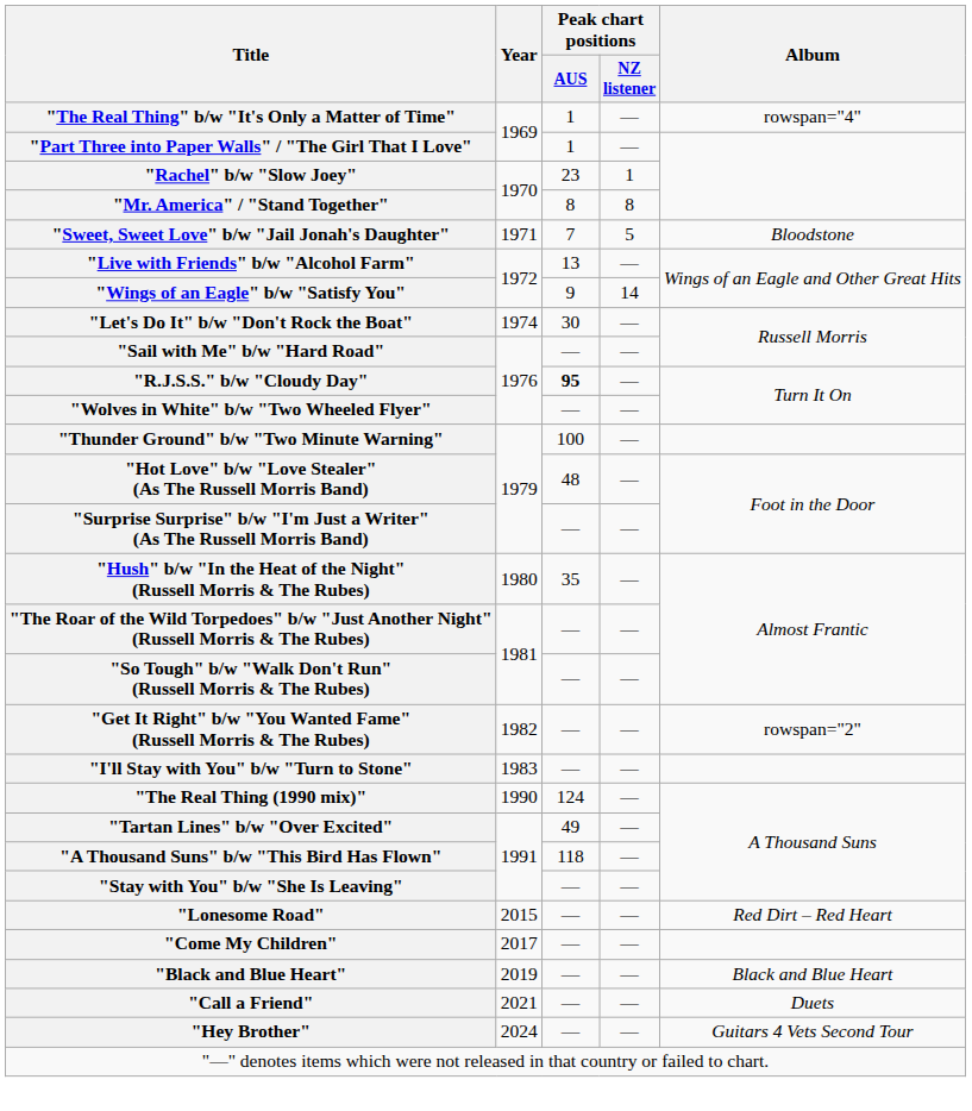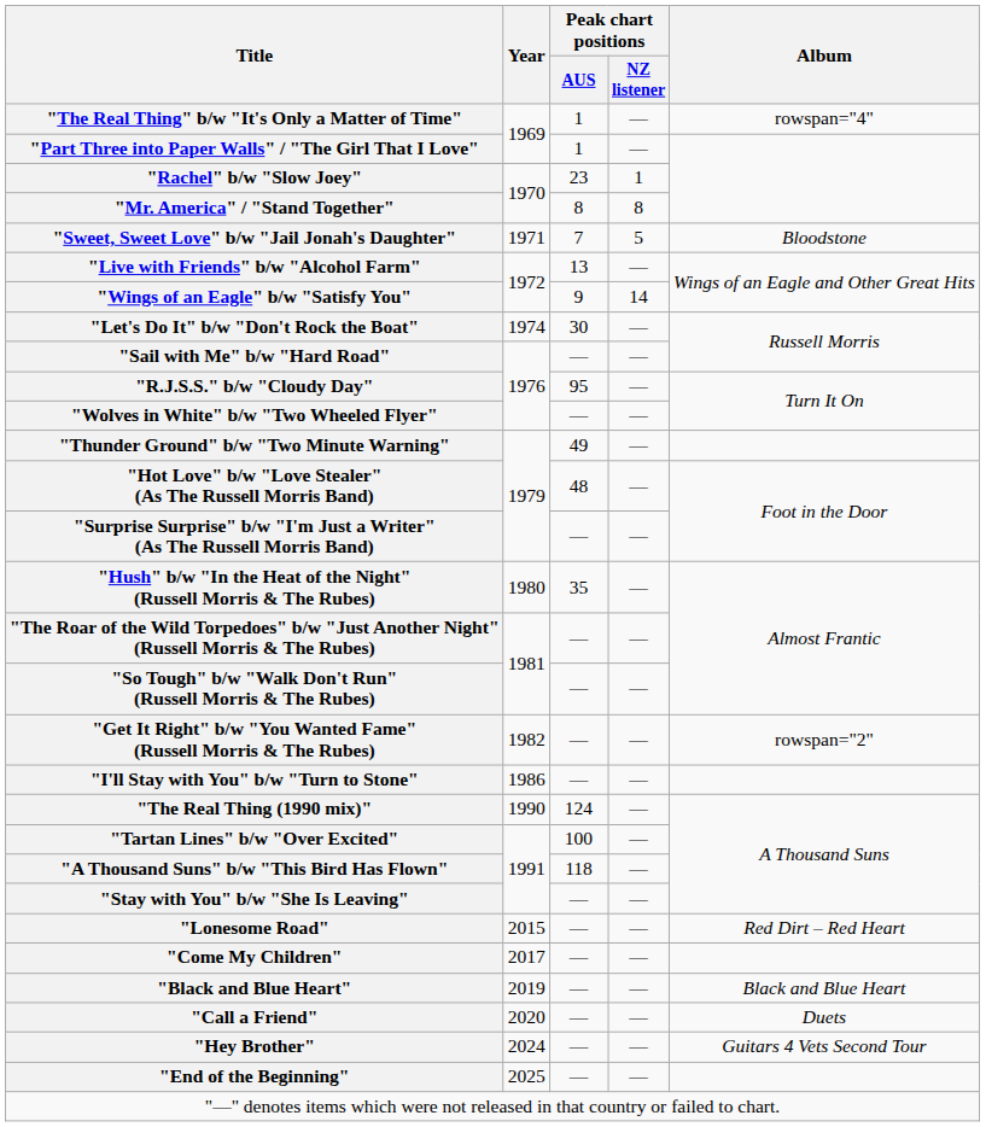 <table class="wikitable plainrowheaders" style="text-align:center;">
 <tr>
 <th rowspan="2">Title</th>
 <th rowspan="2">Year</th>
 <th colspan="2">Peak chart positions</th>
 <th rowspan="2">Album</th>
 </tr>
 <tr>
 <th scope="col" style="width:3em;font-size:90%;"><a href='#'>AUS</a><br></th>
 <th scope="col" style="width:3em;font-size:90%;"><a href='#'>NZ<br>listener</a><br></th>
 </tr>
 <tr>
 <th scope="row">"<a href='#'>The Real Thing</a>" b/w "It's Only a Matter of Time"</th>
 <td rowspan="2">1969</td>
 <td align="center">1</td>
 <td align="center">—</td>
 <td>rowspan="4" </td>
 </tr>
 <tr>
 <th scope="row">"<a href='#'>Part Three into Paper Walls</a>" / "The Girl That I Love"</th>
 <td align="center">1</td>
 <td align="center">—</td>
 </tr>
 <tr>
 <th scope="row">"<a href='#'>Rachel</a>" b/w "Slow Joey"</th>
 <td rowspan="2">1970</td>
 <td align="center">23</td>
 <td align="center">1</td>
 </tr>
 <tr>
 <th scope="row">"<a href='#'>Mr. America</a>" / "Stand Together"</th>
 <td align="center">8</td>
 <td align="center">8</td>
 </tr>
 <tr>
 <th scope="row">"<a href='#'>Sweet, Sweet Love</a>" b/w "Jail Jonah's Daughter"</th>
 <td>1971</td>
 <td align="center">7</td>
 <td align="center">5</td>
 <td><em>Bloodstone</em></td>
 </tr>
 <tr>
 <th scope="row">"<a href='#'>Live with Friends</a>" b/w "Alcohol Farm"</th>
 <td rowspan="2">1972</td>
 <td align="center">13</td>
 <td align="center">—</td>
 <td rowspan="2"><em>Wings of an Eagle and Other Great Hits</em></td>
 </tr>
 <tr>
 <th scope="row">"<a href='#'>Wings of an Eagle</a>" b/w "Satisfy You"</th>
 <td align="center">9</td>
 <td align="center">14</td>
 </tr>
 <tr>
 <th scope="row">"Let's Do It" b/w "Don't Rock the Boat"</th>
 <td>1974</td>
 <td align="center">30</td>
 <td align="center">—</td>
 <td rowspan="2"><em>Russell Morris</em></td>
 </tr>
 <tr>
 <th scope="row">"Sail with Me" b/w "Hard Road"</th>
 <td rowspan="3">1976</td>
 <td align="center">—</td>
 <td align="center">—</td>
 </tr>
 <tr>
 <th scope="row">"R.J.S.S." b/w "Cloudy Day"</th>
-<td align="center"><strong>95</strong></td>
+<td align="center">95</td>
 <td align="center">—</td>
 <td rowspan="2"><em>Turn It On</em></td>
 </tr>
 <tr>
 <th scope="row">"Wolves in White" b/w "Two Wheeled Flyer"</th>
 <td align="center">—</td>
 <td align="center">—</td>
 </tr>
 <tr>
 <th scope="row">"Thunder Ground" b/w "Two Minute Warning"</th>
 <td rowspan="3">1979</td>
-<td align="center">100</td>
+<td align="center">49</td>
 <td align="center">—</td>
 <td></td>
 </tr>
 <tr>
 <th scope="row">"Hot Love" b/w "Love Stealer" <br>(As The Russell Morris Band)</th>
 <td align="center">48</td>
 <td align="center">—</td>
 <td rowspan="2"><em>Foot in the Door</em></td>
 </tr>
 <tr>
 <th scope="row">"Surprise Surprise" b/w "I'm Just a Writer" <br>(As The Russell Morris Band)</th>
 <td align="center">—</td>
 <td align="center">—</td>
 </tr>
 <tr>
 <th scope="row">"<a href='#'>Hush</a>" b/w "In the Heat of the Night" <br>(Russell Morris & The Rubes)</th>
 <td>1980</td>
 <td align="center">35</td>
 <td align="center">—</td>
 <td rowspan="3"><em>Almost Frantic</em></td>
 </tr>
 <tr>
 <th scope="row">"The Roar of the Wild Torpedoes" b/w "Just Another Night"<br>(Russell Morris & The Rubes)</th>
 <td rowspan="2">1981</td>
 <td align="center">—</td>
 <td align="center">—</td>
 </tr>
 <tr>
 <th scope="row">"So Tough" b/w "Walk Don't Run"<br>(Russell Morris & The Rubes)</th>
 <td align="center">—</td>
 <td align="center">—</td>
 </tr>
 <tr>
 <th scope="row">"Get It Right" b/w "You Wanted Fame"<br>(Russell Morris & The Rubes)</th>
 <td>1982</td>
 <td align="center">—</td>
 <td align="center">—</td>
 <td>rowspan="2" </td>
 </tr>
 <tr>
 <th scope="row">"I'll Stay with You" b/w "Turn to Stone"</th>
-<td>1983</td>
+<td>1986</td>
 <td align="center">—</td>
 <td align="center">—</td>
 </tr>
 <tr>
 <th scope="row">"The Real Thing (1990 mix)"</th>
 <td>1990</td>
 <td align="center">124</td>
 <td align="center">—</td>
 <td rowspan="4"><em>A Thousand Suns</em></td>
 </tr>
 <tr>
 <th scope="row">"Tartan Lines" b/w "Over Excited"</th>
 <td rowspan="3">1991</td>
-<td align="center">49</td>
+<td align="center">100</td>
 <td align="center">—</td>
 </tr>
 <tr>
 <th scope="row">"A Thousand Suns" b/w "This Bird Has Flown"</th>
 <td align="center">118</td>
 <td align="center">—</td>
 </tr>
 <tr>
 <th scope="row">"Stay with You" b/w "She Is Leaving"</th>
 <td align="center">—</td>
 <td align="center">—</td>
 </tr>
 <tr>
 <th scope="row">"Lonesome Road"</th>
 <td>2015</td>
 <td align="center">—</td>
 <td align="center">—</td>
 <td><em>Red Dirt – Red Heart</em></td>
 </tr>
 <tr>
 <th scope="row">"Come My Children" </th>
 <td>2017</td>
 <td align="center">—</td>
 <td align="center">—</td>
 <td></td>
 </tr>
 <tr>
 <th scope="row">"Black and Blue Heart"</th>
 <td>2019</td>
 <td align="center">—</td>
 <td align="center">—</td>
 <td><em>Black and Blue Heart</em></td>
 </tr>
 <tr>
 <th scope="row">"Call a Friend" </th>
-<td>2021</td>
+<td>2020</td>
 <td align="center">—</td>
 <td align="center">—</td>
 <td><em>Duets</em></td>
 </tr>
 <tr>
 <th scope="row">"Hey Brother"</th>
 <td>2024</td>
 <td align="center">—</td>
 <td align="center">—</td>
 <td><em>Guitars 4 Vets Second Tour</em></td>
 </tr>
 <tr>
+<th scope="row">"End of the Beginning"</th>
+<td>2025</td>
+<td align="center">—</td>
+<td align="center">—</td>
+<td></td>
+</tr>
+<tr>
 <td colspan="5">"—" denotes items which were not released in that country or failed to chart.</td>
 </tr>
 </table>
